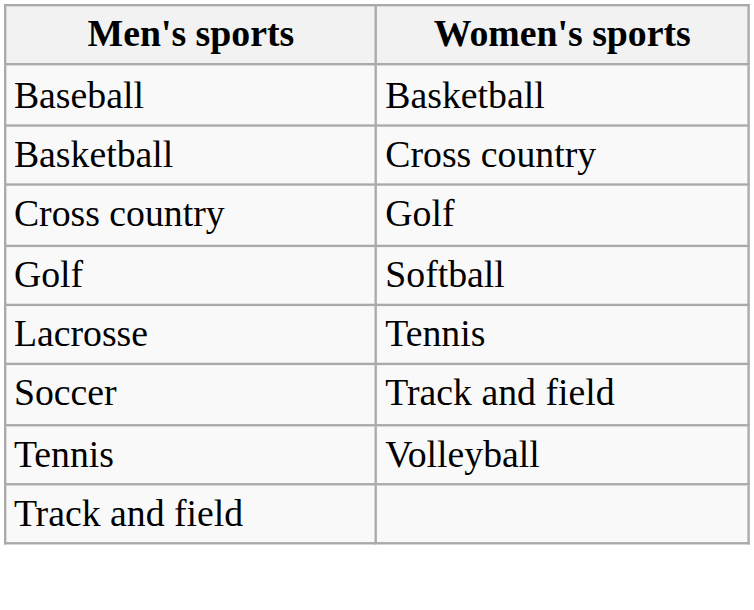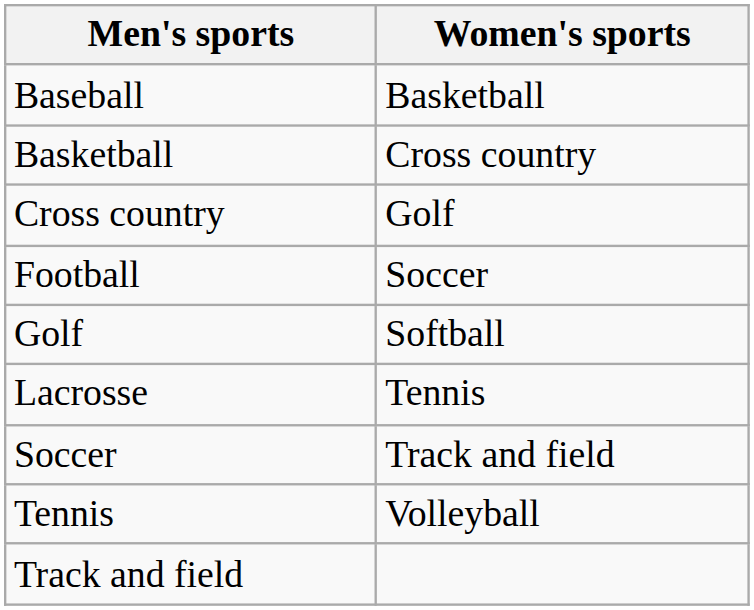 <table class="wikitable sortable"; style= "text-align: ">
 <tr>
 <th width=150px>Men's sports</th>
 <th width=150px>Women's sports</th>
 </tr>
 <tr>
 <td>Baseball</td>
 <td>Basketball</td>
 </tr>
 <tr>
 <td>Basketball</td>
 <td>Cross country</td>
 </tr>
 <tr>
 <td>Cross country</td>
 <td>Golf</td>
+</tr>
+<tr>
+<td>Football</td>
+<td>Soccer</td>
 </tr>
 <tr>
 <td>Golf</td>
 <td>Softball</td>
 </tr>
 <tr>
 <td>Lacrosse</td>
 <td>Tennis</td>
 </tr>
 <tr>
 <td>Soccer</td>
 <td>Track and field</td>
 </tr>
 <tr>
 <td>Tennis</td>
 <td>Volleyball</td>
 </tr>
 <tr>
 <td>Track and field</td>
 <td></td>
 </tr>
 </table>
